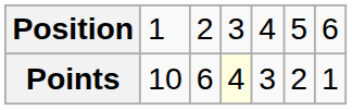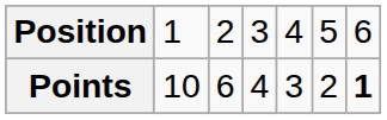 <table class="wikitable plainrowheaders floatright">
 <tr>
 <th>Position</th>
 <td>1</td>
 <td>2</td>
 <td>3</td>
 <td>4</td>
 <td>5</td>
 <td>6</td>
 </tr>
 <tr>
 <th>Points</th>
 <td>10</td>
 <td>6</td>
-<td style="background: lightyellow;">4</td>
+<td>4</td>
 <td>3</td>
 <td>2</td>
-<td>1</td>
+<td><strong>1</strong></td>
 </tr>
 </table>
